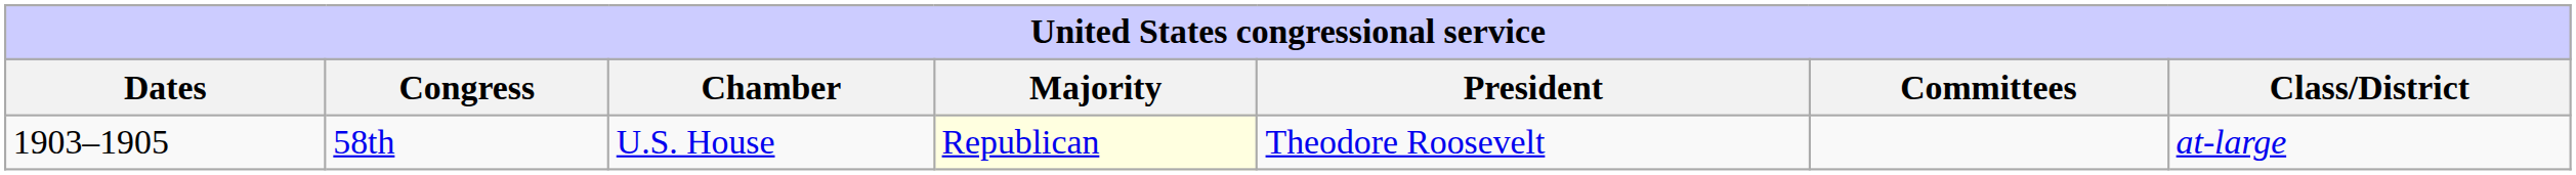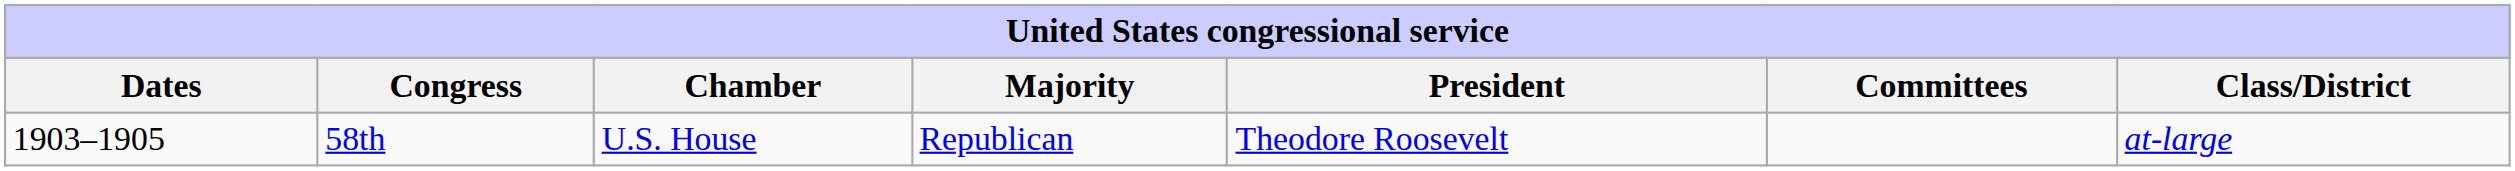 <table class=wikitable style="width: 94%" style="text-align: center;" align="center">
 <tr bgcolor=#cccccc>
 <th colspan=7 style="background: #ccccff;">United States congressional service</th>
 </tr>
 <tr>
 <th><strong>Dates</strong></th>
 <th><strong>Congress</strong></th>
 <th><strong>Chamber</strong></th>
 <th><strong>Majority</strong></th>
 <th><strong>President</strong></th>
 <th><strong>Committees</strong></th>
 <th><strong>Class/District</strong></th>
 </tr>
 <tr>
 <td>1903–1905</td>
 <td><a href='#'>58th</a></td>
 <td><a href='#'>U.S. House</a></td>
-<td style="background: lightyellow;"><a href='#'>Republican</a></td>
+<td><a href='#'>Republican</a></td>
 <td><a href='#'>Theodore Roosevelt</a></td>
 <td></td>
 <td><a href='#'><em>at-large</em></a></td>
 </tr>
 </table>
